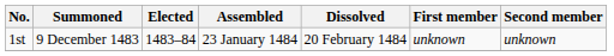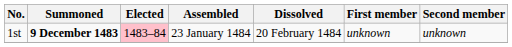 <table class="wikitable">
 <tr>
 <th>No.</th>
 <th>Summoned</th>
 <th>Elected</th>
 <th>Assembled</th>
 <th>Dissolved</th>
 <th>First member</th>
 <th>Second member</th>
 </tr>
 <tr>
 <td>1st</td>
-<td>9 December 1483</td>
-<td>1483–84</td>
+<td><strong>9 December 1483</strong></td>
+<td style="background: pink;">1483–84</td>
 <td>23 January 1484</td>
 <td>20 February 1484</td>
 <td><em>unknown</em></td>
 <td><em>unknown</em></td>
 </tr>
 <tr>
 </tr>
 </table>
